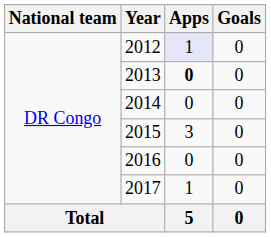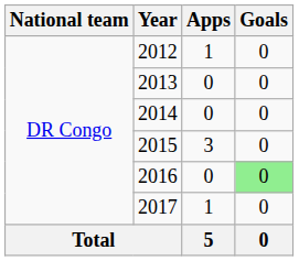 <table class="wikitable" style="text-align:center">
 <tr>
 <th>National team</th>
 <th>Year</th>
 <th>Apps</th>
 <th>Goals</th>
 </tr>
 <tr>
 <td rowspan="6"><a href='#'>DR Congo</a></td>
 <td>2012</td>
-<td style="background: lavender;">1</td>
+<td>1</td>
 <td>0</td>
 </tr>
 <tr>
 <td>2013</td>
-<td><strong>0</strong></td>
+<td>0</td>
 <td>0</td>
 </tr>
 <tr>
 <td>2014</td>
 <td>0</td>
 <td>0</td>
 </tr>
 <tr>
 <td>2015</td>
 <td>3</td>
 <td>0</td>
 </tr>
 <tr>
 <td>2016</td>
 <td>0</td>
-<td>0</td>
+<td style="background: lightgreen;">0</td>
 </tr>
 <tr>
 <td>2017</td>
 <td>1</td>
 <td>0</td>
 </tr>
 <tr>
 <th colspan=2>Total</th>
 <th>5</th>
 <th>0</th>
 </tr>
 </table>
